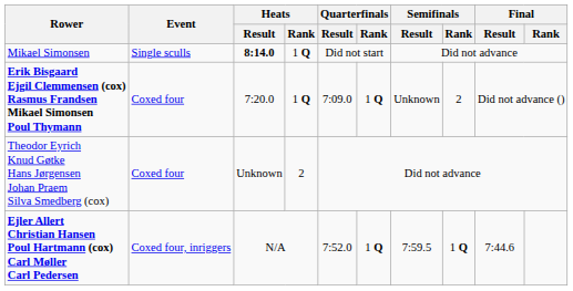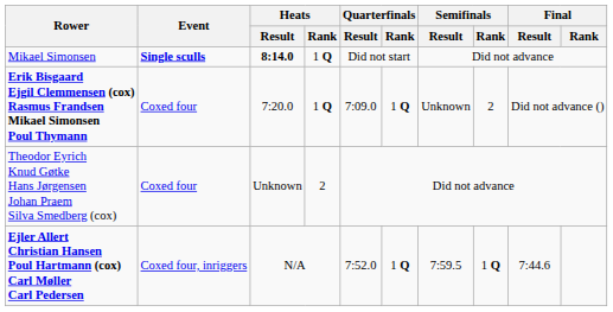 <table class=wikitable style="font-size:90%">
 <tr>
 <th rowspan=2>Rower</th>
 <th rowspan=2>Event</th>
 <th colspan=2>Heats</th>
 <th colspan=2>Quarterfinals</th>
 <th colspan=2>Semifinals</th>
 <th colspan=2>Final</th>
 </tr>
 <tr>
 <th>Result</th>
 <th>Rank</th>
 <th>Result</th>
 <th>Rank</th>
 <th>Result</th>
 <th>Rank</th>
 <th>Result</th>
 <th>Rank</th>
 </tr>
 <tr>
 <td><a href='#'>Mikael Simonsen</a></td>
-<td><a href='#'>Single sculls</a></td>
+<td><strong><a href='#'>Single sculls</a></strong></td>
 <td align=center><strong>8:14.0</strong></td>
 <td align=center>1 <strong>Q</strong></td>
 <td align=center colspan=2>Did not start</td>
 <td align=center colspan=4>Did not advance</td>
 </tr>
 <tr>
 <td><strong><a href='#'>Erik Bisgaard</a> <br> <a href='#'>Ejgil Clemmensen</a> (cox) <br> <a href='#'>Rasmus Frandsen</a> <br> Mikael Simonsen <br> <a href='#'>Poul Thymann</a></strong></td>
 <td><a href='#'>Coxed four</a></td>
 <td align=center>7:20.0</td>
 <td align=center>1 <strong>Q</strong></td>
 <td align=center>7:09.0</td>
 <td align=center>1 <strong>Q</strong></td>
 <td align=center>Unknown</td>
 <td align=center>2</td>
 <td align=center colspan=2>Did not advance ()</td>
 </tr>
 <tr>
 <td><a href='#'>Theodor Eyrich</a> <br> <a href='#'>Knud Gøtke</a> <br> <a href='#'>Hans Jørgensen</a> <br> <a href='#'>Johan Praem</a> <br> <a href='#'>Silva Smedberg</a>	(cox)</td>
 <td><a href='#'>Coxed four</a></td>
 <td align=center>Unknown</td>
 <td align=center>2</td>
 <td align=center colspan=6>Did not advance</td>
 </tr>
 <tr>
 <td><strong><a href='#'>Ejler Allert</a> <br> <a href='#'>Christian Hansen</a> <br> <a href='#'>Poul Hartmann</a> (cox) <br> <a href='#'>Carl Møller</a> <br> <a href='#'>Carl Pedersen</a></strong></td>
 <td><a href='#'>Coxed four, inriggers</a></td>
 <td align=center colspan=2>N/A</td>
 <td align=center>7:52.0</td>
 <td align=center>1 <strong>Q</strong></td>
 <td align=center>7:59.5</td>
 <td align=center>1 <strong>Q</strong></td>
 <td align=center>7:44.6</td>
 <td align=center></td>
 </tr>
 </table>
